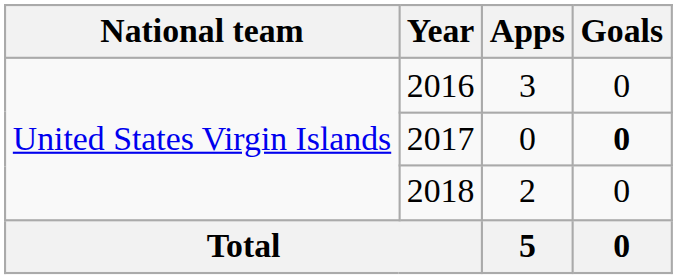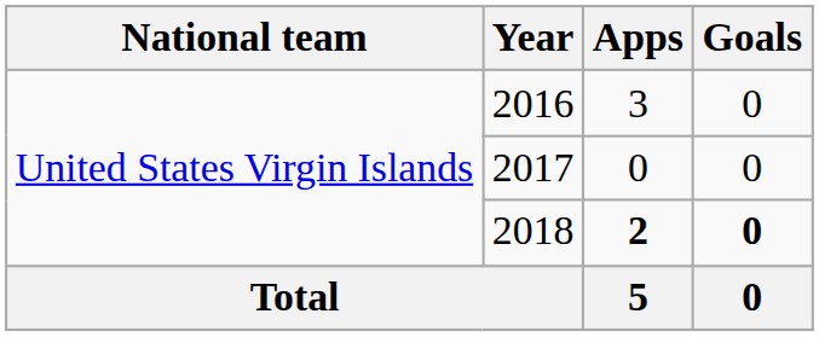 <table class="wikitable" style="text-align:center">
 <tr>
 <th>National team</th>
 <th>Year</th>
 <th>Apps</th>
 <th>Goals</th>
 </tr>
 <tr>
 <td rowspan=3><a href='#'>United States Virgin Islands</a></td>
 <td>2016</td>
 <td>3</td>
 <td>0</td>
 </tr>
 <tr>
 <td>2017</td>
 <td>0</td>
-<td><strong>0</strong></td>
+<td>0</td>
 </tr>
 <tr>
 <td>2018</td>
-<td>2</td>
-<td>0</td>
+<td><strong>2</strong></td>
+<td><strong>0</strong></td>
 </tr>
 <tr>
 <th colspan=2>Total</th>
 <th>5</th>
 <th>0</th>
 </tr>
 </table>
